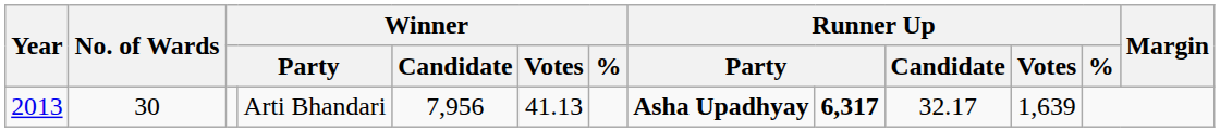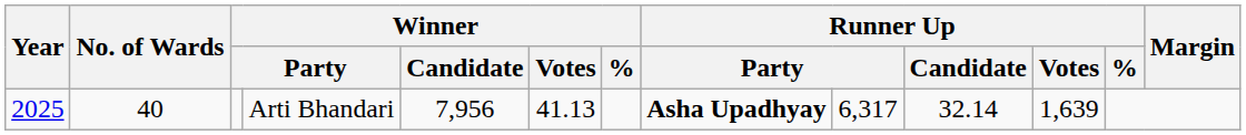 <table class="wikitable sortable" style="text-align:center;">
 <tr>
 <th rowspan="2">Year</th>
 <th rowspan="2">No. of Wards</th>
 <th colspan="5">Winner</th>
 <th colspan="5">Runner Up</th>
 <th rowspan="2">Margin</th>
 </tr>
 <tr>
 <th colspan="2">Party</th>
 <th>Candidate</th>
 <th>Votes</th>
 <th>%</th>
 <th colspan="2">Party</th>
 <th>Candidate</th>
 <th>Votes</th>
 <th>%</th>
 </tr>
 <tr>
-<td><a href='#'>2013</a></td>
-<td>30</td>
+<td><a href='#'>2025</a></td>
+<td>40</td>
 <td></td>
 <td>Arti Bhandari</td>
 <td>7,956</td>
 <td>41.13</td>
 <td></td>
 <td><strong>Asha Upadhyay</strong></td>
-<td><strong>6,317</strong></td>
-<td>32.17</td>
+<td>6,317</td>
+<td>32.14</td>
 <td style="background:">1,639</td>
 </tr>
 </table>
